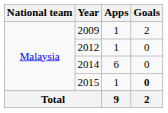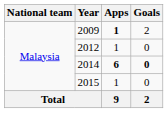 <table class="wikitable" style="text-align:center">
 <tr>
 <th>National team</th>
 <th>Year</th>
 <th>Apps</th>
 <th>Goals</th>
 </tr>
 <tr>
 <td rowspan="4"><a href='#'>Malaysia</a></td>
 <td>2009</td>
-<td>1</td>
+<td><strong>1</strong></td>
 <td>2</td>
 </tr>
 <tr>
 <td>2012</td>
 <td>1</td>
 <td>0</td>
 </tr>
 <tr>
 <td>2014</td>
-<td>6</td>
-<td>0</td>
+<td><strong>6</strong></td>
+<td><strong>0</strong></td>
 </tr>
 <tr>
 <td>2015</td>
 <td>1</td>
-<td><strong>0</strong></td>
+<td>0</td>
 </tr>
 <tr>
 <th colspan="2">Total</th>
 <th>9</th>
 <th>2</th>
 </tr>
 </table>
